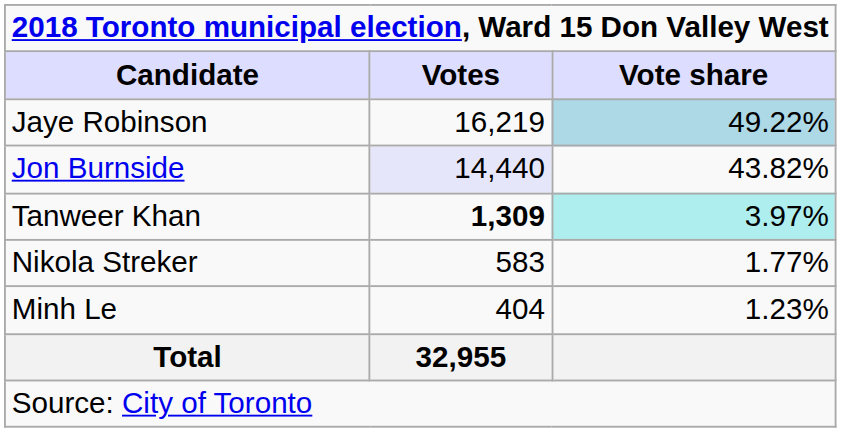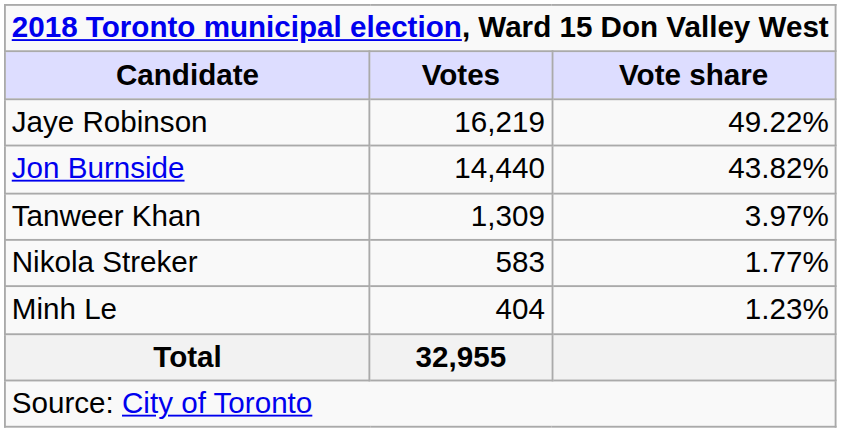 <table class="wikitable plainrowheaders">
 <tr>
 <td colspan="3"><strong><a href='#'>2018 Toronto municipal election</a>, Ward 15 Don Valley West</strong></td>
 </tr>
 <tr>
 <th scope="col" style="background:#ddf;">Candidate</th>
 <th scope="col" style="background:#ddf;">Votes</th>
 <th scope="col" style="background:#ddf;">Vote share</th>
 </tr>
 <tr>
 <td scope="row">Jaye Robinson</td>
 <td align="right">16,219</td>
-<td align="right" style="background: lightblue;">49.22%</td>
+<td align="right">49.22%</td>
 </tr>
 <tr>
 <td scope="row"><a href='#'>Jon Burnside</a></td>
-<td align="right" style="background: lavender;">14,440</td>
+<td align="right">14,440</td>
 <td align="right">43.82%</td>
 </tr>
 <tr>
 <td scope="row">Tanweer Khan</td>
-<td align="right"><strong>1,309</strong></td>
-<td align="right" style="background: paleturquoise;">3.97%</td>
+<td align="right">1,309</td>
+<td align="right">3.97%</td>
 </tr>
 <tr>
 <td scope="row">Nikola Streker</td>
 <td align="right">583</td>
 <td align="right">1.77%</td>
 </tr>
 <tr>
 <td scope="row">Minh Le</td>
 <td align="right">404</td>
 <td align="right">1.23%</td>
 </tr>
 <tr>
 <th scope="row"><strong>Total</strong></th>
 <th align="right">32,955</th>
 <th align="right"></th>
 </tr>
 <tr>
 <td colspan="3">Source: <a href='#'>City of Toronto</a></td>
 </tr>
 </table>
